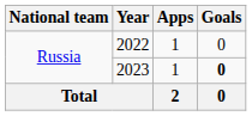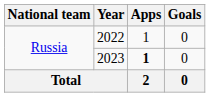 <table class=wikitable style=text-align:center>
 <tr>
 <th>National team</th>
 <th>Year</th>
 <th>Apps</th>
 <th>Goals</th>
 </tr>
 <tr>
 <td rowspan="2"><a href='#'>Russia</a></td>
 <td>2022</td>
 <td>1</td>
 <td>0</td>
 </tr>
 <tr>
 <td>2023</td>
-<td>1</td>
-<td><strong>0</strong></td>
+<td><strong>1</strong></td>
+<td>0</td>
 </tr>
 <tr>
 <th colspan=2>Total</th>
 <th>2</th>
 <th>0</th>
 </tr>
 </table>
